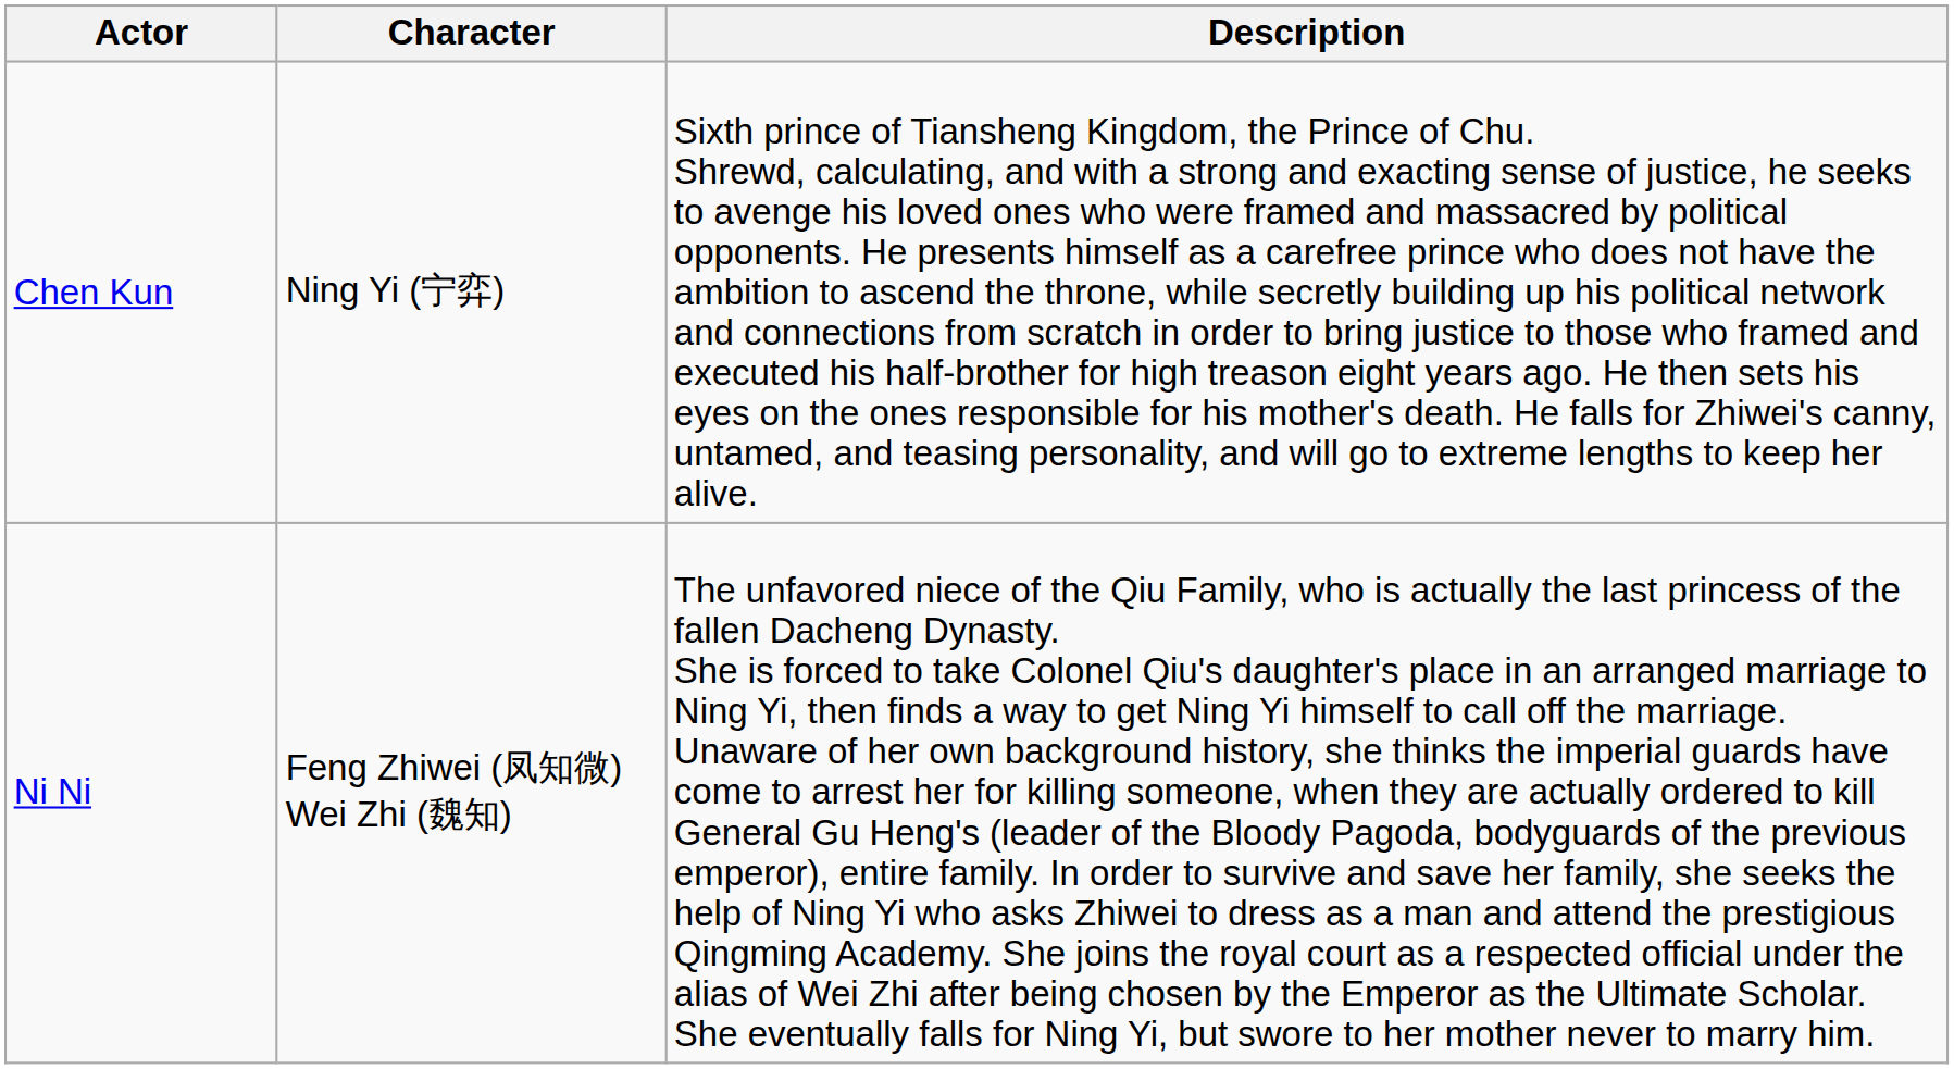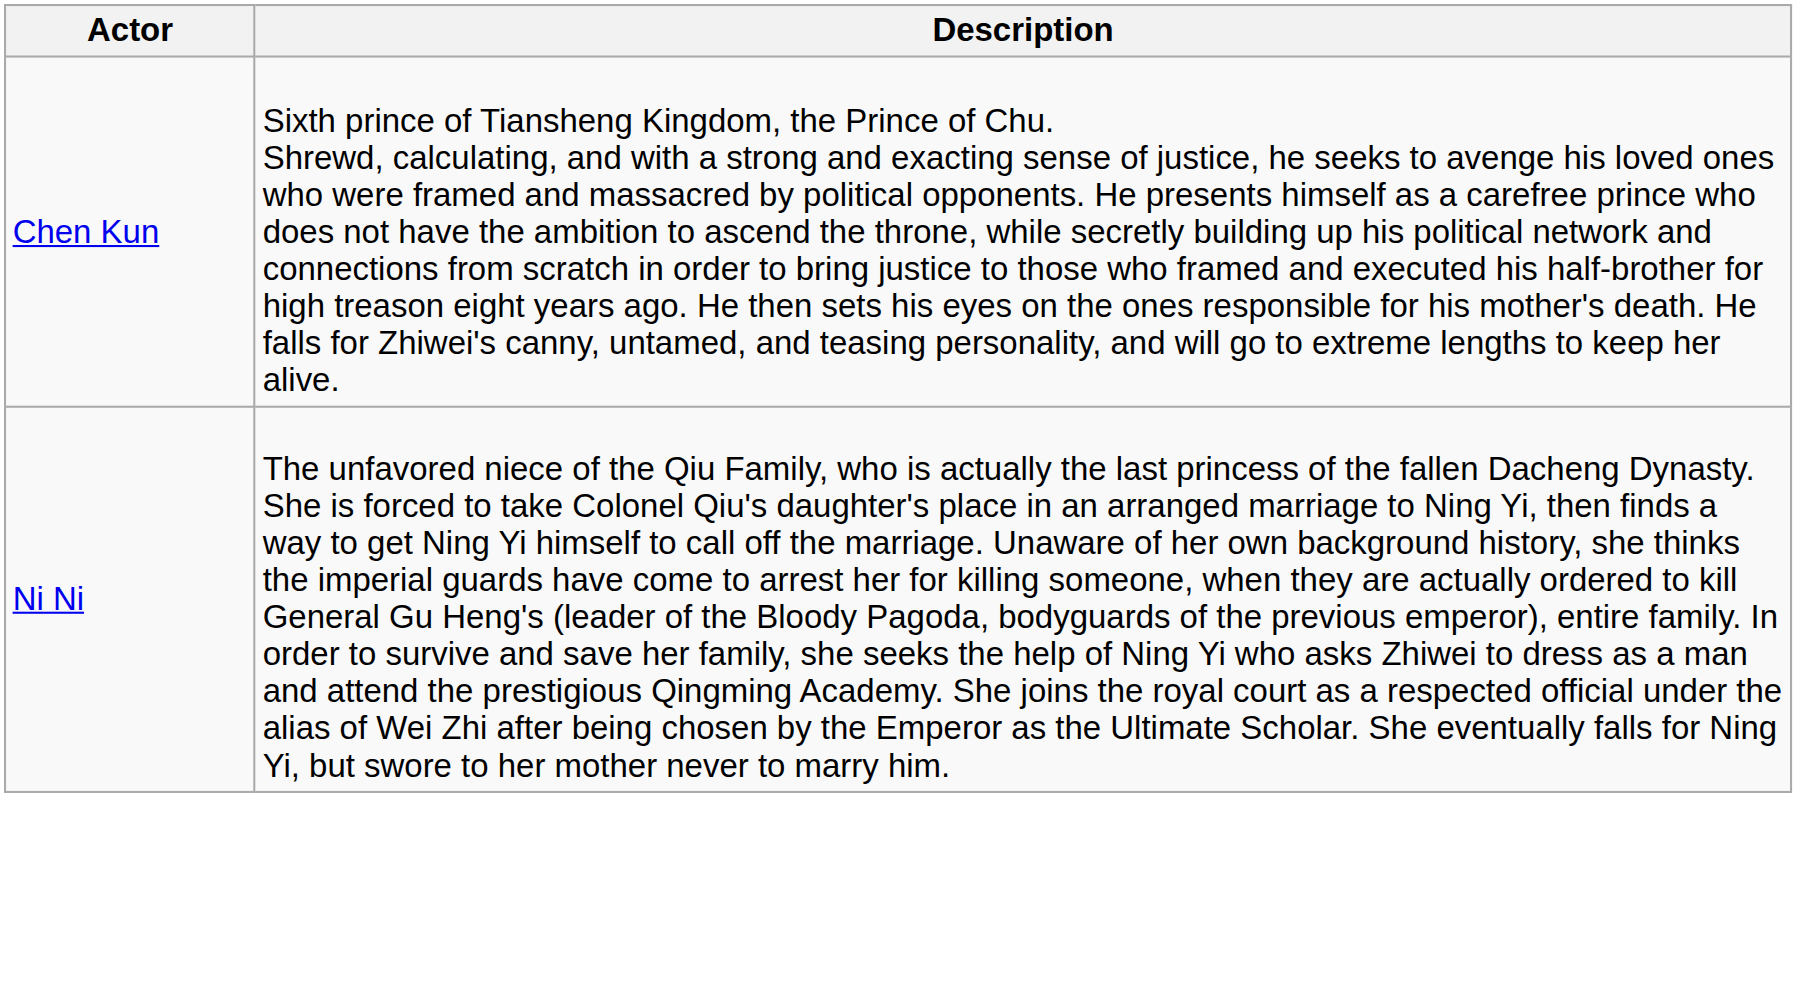 <table class="wikitable">
 <tr>
 <th style="width:14%">Actor</th>
-<th style="width:20%">Character</th>
 <th>Description</th>
 </tr>
 <tr>
 <td><a href='#'>Chen Kun</a></td>
-<td>Ning Yi (宁弈)</td>
 <td><br>Sixth prince of Tiansheng Kingdom, the Prince of Chu.<br> Shrewd, calculating, and with a strong and exacting sense of justice, he seeks to avenge his loved ones who were framed and massacred by political opponents. He presents himself as a carefree prince who does not have the ambition to ascend the throne, while secretly building up his political network and connections from scratch in order to bring justice to those who framed and executed his half-brother for high treason eight years ago. He then sets his eyes on the ones responsible for his mother's death. He falls for Zhiwei's canny, untamed, and teasing personality, and will go to extreme lengths to keep her alive.</td>
 </tr>
 <tr>
 <td><a href='#'>Ni Ni</a></td>
-<td>Feng Zhiwei (凤知微)<br> Wei Zhi (魏知)</td>
 <td><br>The unfavored niece of the Qiu Family, who is actually the last princess of the fallen Dacheng Dynasty. <br> She is forced to take Colonel Qiu's daughter's place in an arranged marriage to Ning Yi, then finds a way to get Ning Yi himself to call off the marriage. Unaware of her own background history, she thinks the imperial guards have come to arrest her for killing someone, when they are actually ordered to kill General Gu Heng's (leader of the Bloody Pagoda, bodyguards of the previous emperor), entire family. In order to survive and save her family, she seeks the help of Ning Yi who asks Zhiwei to dress as a man and attend the prestigious Qingming Academy. She joins the royal court as a respected official under the alias of Wei Zhi after being chosen by the Emperor as the Ultimate Scholar. She eventually falls for Ning Yi, but swore to her mother never to marry him.</td>
 </tr>
 </table>
